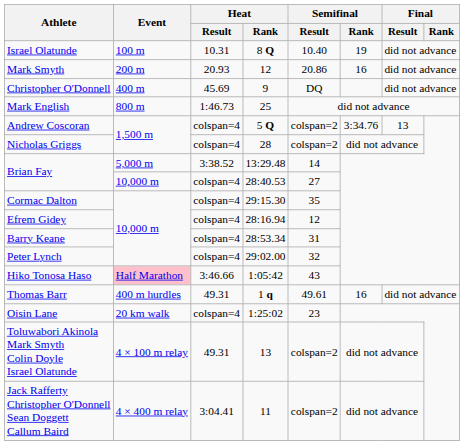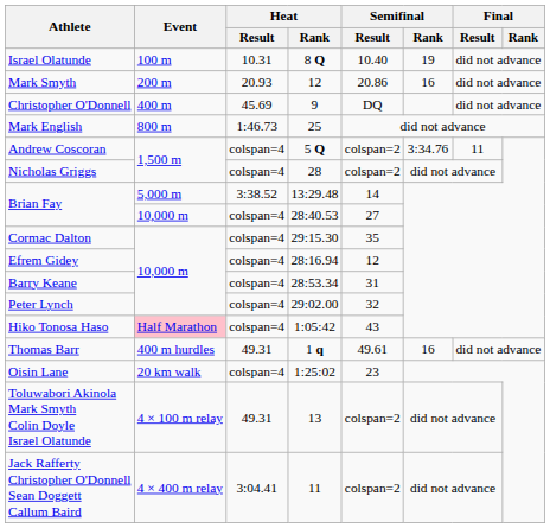 <table class="wikitable" style="font-size:90%">
 <tr>
 <th rowspan="2">Athlete</th>
 <th rowspan="2">Event</th>
 <th colspan="2">Heat</th>
 <th colspan="2">Semifinal</th>
 <th colspan="2">Final</th>
 </tr>
 <tr style="font-size:95%">
 <th>Result</th>
 <th>Rank</th>
 <th>Result</th>
 <th>Rank</th>
 <th>Result</th>
 <th>Rank</th>
 </tr>
 <tr align=center>
 <td align=left><a href='#'>Israel Olatunde</a></td>
 <td align=left><a href='#'>100 m</a></td>
 <td>10.31 <strong></strong></td>
 <td>8 <strong>Q</strong></td>
 <td>10.40</td>
 <td>19</td>
 <td colspan=2>did not advance</td>
 </tr>
 <tr align=center>
 <td align=left><a href='#'>Mark Smyth</a></td>
 <td align=left><a href='#'>200 m</a></td>
 <td>20.93 <strong></strong></td>
 <td>12</td>
 <td>20.86 <strong></strong></td>
 <td>16</td>
 <td colspan=2>did not advance</td>
 </tr>
 <tr align=center>
 <td align=left><a href='#'>Christopher O'Donnell</a></td>
 <td align=left><a href='#'>400 m</a></td>
 <td>45.69 <strong></strong></td>
 <td>9</td>
 <td>DQ</td>
 <td></td>
 <td colspan=2>did not advance</td>
 </tr>
 <tr align=center>
 <td align=left><a href='#'>Mark English</a></td>
 <td align=left><a href='#'>800 m</a></td>
 <td>1:46.73</td>
 <td>25</td>
 <td colspan=4>did not advance</td>
 </tr>
 <tr align=center>
 <td align=left><a href='#'>Andrew Coscoran</a></td>
 <td align=left rowspan=2><a href='#'>1,500 m</a></td>
 <td>colspan=4 </td>
 <td>5 <strong>Q</strong></td>
 <td>colspan=2 </td>
 <td>3:34.76</td>
-<td>13</td>
+<td>11</td>
 </tr>
 <tr align=center>
 <td align=left><a href='#'>Nicholas Griggs</a></td>
 <td>colspan=4 </td>
 <td>28</td>
 <td>colspan=2 </td>
 <td colspan=2>did not advance</td>
 </tr>
 <tr align=center>
 <td align=left rowspan=2><a href='#'>Brian Fay</a></td>
 <td align=left><a href='#'>5,000 m</a></td>
 <td>3:38.52</td>
 <td>13:29.48</td>
 <td>14</td>
 </tr>
 <tr align=center>
 <td align=left><a href='#'>10,000 m</a></td>
 <td>colspan=4 </td>
 <td>28:40.53</td>
 <td>27</td>
 </tr>
 <tr align=center>
 <td align=left><a href='#'>Cormac Dalton</a></td>
 <td align=left rowspan=4><a href='#'>10,000 m</a></td>
 <td>colspan=4 </td>
 <td>29:15.30 </td>
 <td>35</td>
 </tr>
 <tr align=center>
 <td align=left><a href='#'>Efrem Gidey</a></td>
 <td>colspan=4 </td>
 <td>28:16.94</td>
 <td>12</td>
 </tr>
 <tr align=center>
 <td align=left><a href='#'>Barry Keane</a></td>
 <td>colspan=4 </td>
 <td>28:53.34</td>
 <td>31</td>
 </tr>
 <tr align=center>
 <td align=left><a href='#'>Peter Lynch</a></td>
 <td>colspan=4 </td>
 <td>29:02.00</td>
 <td>32</td>
 </tr>
 <tr align=center>
 <td align=left><a href='#'>Hiko Tonosa Haso</a></td>
 <td align=left style="background: pink;"><a href='#'>Half Marathon</a></td>
-<td>3:46.66</td>
+<td>colspan=4 </td>
 <td>1:05:42</td>
 <td>43</td>
 </tr>
 <tr align=center>
 <td align=left><a href='#'>Thomas Barr</a></td>
 <td align=left><a href='#'>400 m hurdles</a></td>
 <td>49.31 <strong></strong></td>
 <td>1 <strong>q</strong></td>
 <td>49.61</td>
 <td>16</td>
 <td colspan="2">did not advance</td>
 </tr>
 <tr align=center>
 <td align=left><a href='#'>Oisin Lane</a></td>
 <td align=left><a href='#'>20 km walk</a></td>
 <td>colspan=4 </td>
 <td>1:25:02</td>
 <td>23</td>
 </tr>
 <tr align=center>
 <td align=left><a href='#'>Toluwabori Akinola</a><br> <a href='#'>Mark Smyth</a><br> <a href='#'>Colin Doyle</a><br> <a href='#'>Israel Olatunde</a></td>
 <td align=left><a href='#'>4 × 100 m relay</a></td>
 <td>49.31 <strong></strong></td>
 <td>13</td>
 <td>colspan=2 </td>
 <td colspan=2>did not advance</td>
 </tr>
 <tr align=center>
 <td align=left><a href='#'>Jack Rafferty</a><br><a href='#'>Christopher O'Donnell</a><br><a href='#'>Sean Doggett</a><br><a href='#'>Callum Baird</a></td>
 <td align=left><a href='#'>4 × 400 m relay</a></td>
 <td>3:04.41 <strong></strong></td>
 <td>11</td>
 <td>colspan=2 </td>
 <td colspan=2>did not advance</td>
 </tr>
 </table>
